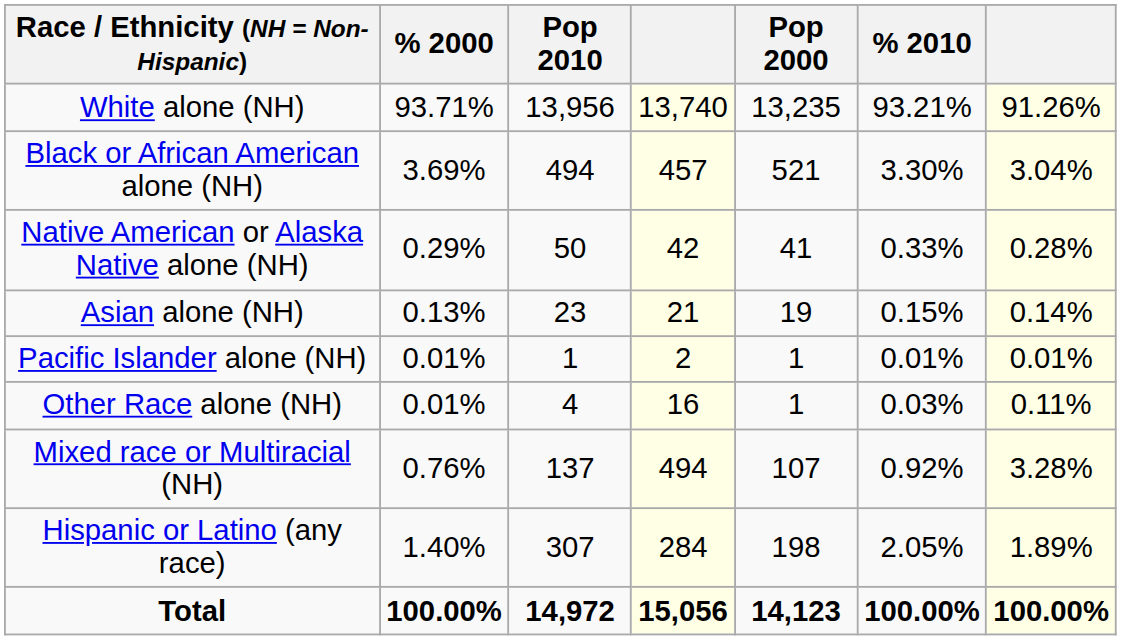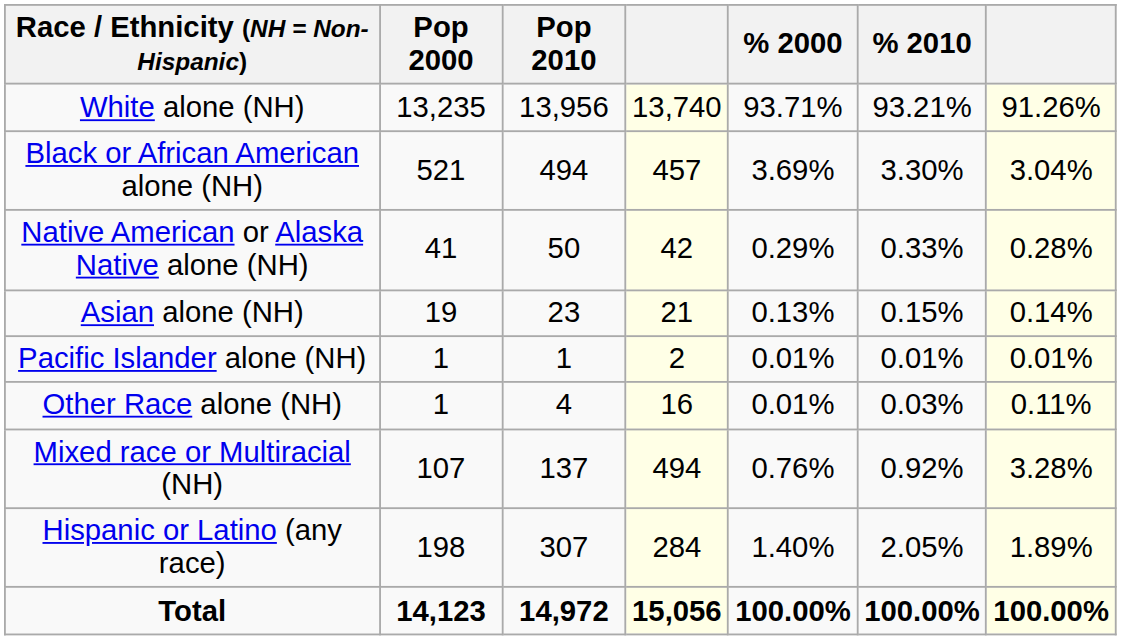 <table class="wikitable" style="text-align:center;">
 <tr>
 <th>Race / Ethnicity <small>(<em>NH = Non-Hispanic</em>)</small></th>
-<th>% 2000</th>
+<th>Pop 2000</th>
 <th>Pop 2010</th>
 <th></th>
-<th>Pop 2000</th>
+<th>% 2000</th>
 <th>% 2010</th>
 <th></th>
 </tr>
 <tr>
 <td><a href='#'>White</a> alone (NH)</td>
-<td>93.71%</td>
+<td>13,235</td>
 <td>13,956</td>
 <td style='background: #ffffe6;'>13,740</td>
-<td>13,235</td>
+<td>93.71%</td>
 <td>93.21%</td>
 <td style='background: #ffffe6;'>91.26%</td>
 </tr>
 <tr>
 <td><a href='#'>Black or African American</a> alone (NH)</td>
-<td>3.69%</td>
+<td>521</td>
 <td>494</td>
 <td style='background: #ffffe6;'>457</td>
-<td>521</td>
+<td>3.69%</td>
 <td>3.30%</td>
 <td style='background: #ffffe6;'>3.04%</td>
 </tr>
 <tr>
 <td><a href='#'>Native American</a> or <a href='#'>Alaska Native</a> alone (NH)</td>
-<td>0.29%</td>
+<td>41</td>
 <td>50</td>
 <td style='background: #ffffe6;'>42</td>
-<td>41</td>
+<td>0.29%</td>
 <td>0.33%</td>
 <td style='background: #ffffe6;'>0.28%</td>
 </tr>
 <tr>
 <td><a href='#'>Asian</a> alone (NH)</td>
-<td>0.13%</td>
+<td>19</td>
 <td>23</td>
 <td style='background: #ffffe6;'>21</td>
-<td>19</td>
+<td>0.13%</td>
 <td>0.15%</td>
 <td style='background: #ffffe6;'>0.14%</td>
 </tr>
 <tr>
 <td><a href='#'>Pacific Islander</a> alone (NH)</td>
-<td>0.01%</td>
+<td>1</td>
 <td>1</td>
 <td style='background: #ffffe6;'>2</td>
-<td>1</td>
+<td>0.01%</td>
 <td>0.01%</td>
 <td style='background: #ffffe6;'>0.01%</td>
 </tr>
 <tr>
 <td><a href='#'>Other Race</a> alone (NH)</td>
-<td>0.01%</td>
+<td>1</td>
 <td>4</td>
 <td style='background: #ffffe6;'>16</td>
-<td>1</td>
+<td>0.01%</td>
 <td>0.03%</td>
 <td style='background: #ffffe6;'>0.11%</td>
 </tr>
 <tr>
 <td><a href='#'>Mixed race or Multiracial</a> (NH)</td>
-<td>0.76%</td>
+<td>107</td>
 <td>137</td>
 <td style='background: #ffffe6;'>494</td>
-<td>107</td>
+<td>0.76%</td>
 <td>0.92%</td>
 <td style='background: #ffffe6;'>3.28%</td>
 </tr>
 <tr>
 <td><a href='#'>Hispanic or Latino</a> (any race)</td>
-<td>1.40%</td>
+<td>198</td>
 <td>307</td>
 <td style='background: #ffffe6;'>284</td>
-<td>198</td>
+<td>1.40%</td>
 <td>2.05%</td>
 <td style='background: #ffffe6;'>1.89%</td>
 </tr>
 <tr>
 <td><strong>Total</strong></td>
-<td><strong>100.00%</strong></td>
+<td><strong>14,123</strong></td>
 <td><strong>14,972</strong></td>
 <td style='background: #ffffe6;'><strong>15,056</strong></td>
-<td><strong>14,123</strong></td>
+<td><strong>100.00%</strong></td>
 <td><strong>100.00%</strong></td>
 <td style='background: #ffffe6;'><strong>100.00%</strong></td>
 </tr>
 </table>
